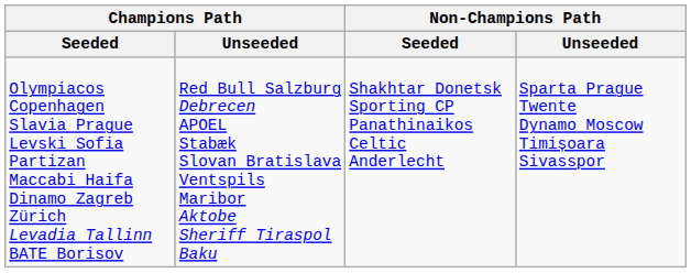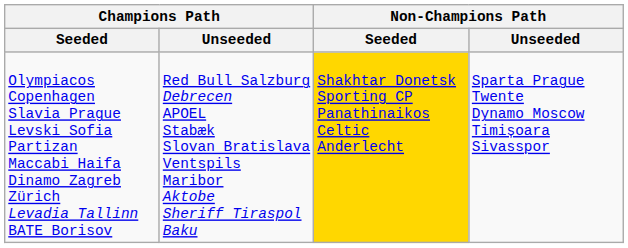 <table class="wikitable" style="font-size:80%">
 <tr>
 <th colspan=2>Champions Path</th>
 <th colspan=2>Non-Champions Path</th>
 </tr>
 <tr>
 <th width=25%>Seeded</th>
 <th width=25%>Unseeded</th>
 <th width=25%>Seeded</th>
 <th width=25%>Unseeded</th>
 </tr>
 <tr>
 <td valign=top><br> <a href='#'>Olympiacos</a><br>  <a href='#'>Copenhagen</a><br>  <a href='#'>Slavia Prague</a><br>  <a href='#'>Levski Sofia</a><br>  <a href='#'>Partizan</a><br>  <a href='#'>Maccabi Haifa</a><br>  <a href='#'>Dinamo Zagreb</a><br>  <a href='#'>Zürich</a><br>  <em><a href='#'>Levadia Tallinn</a></em><br>  <a href='#'>BATE Borisov</a></td>
 <td valign=top><br> <a href='#'>Red Bull Salzburg</a><br>  <em><a href='#'>Debrecen</a></em><br>  <a href='#'>APOEL</a><br>  <a href='#'>Stabæk</a><br>  <a href='#'>Slovan Bratislava</a><br>  <a href='#'>Ventspils</a><br>  <a href='#'>Maribor</a><br>  <em><a href='#'>Aktobe</a></em><br>  <em><a href='#'>Sheriff Tiraspol</a></em><br>  <em><a href='#'>Baku</a></em></td>
-<td valign=top><br> <a href='#'>Shakhtar Donetsk</a><br>  <a href='#'>Sporting CP</a><br>  <a href='#'>Panathinaikos</a><br>  <a href='#'>Celtic</a><br>  <a href='#'>Anderlecht</a></td>
+<td valign=top style="background: gold;"><br> <a href='#'>Shakhtar Donetsk</a><br>  <a href='#'>Sporting CP</a><br>  <a href='#'>Panathinaikos</a><br>  <a href='#'>Celtic</a><br>  <a href='#'>Anderlecht</a></td>
 <td valign=top><br> <a href='#'>Sparta Prague</a><br>  <a href='#'>Twente</a><br>  <a href='#'>Dynamo Moscow</a><br>  <a href='#'>Timișoara</a><br>  <a href='#'>Sivasspor</a></td>
 </tr>
 </table>
